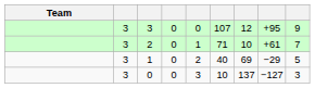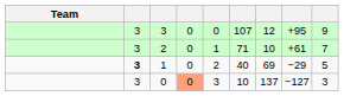 <table class="wikitable" style="text-align:center; font-size:95%;">
 <tr>
 <th width=160>Team</th>
 <th width=30></th>
 <th width=30></th>
 <th width=30></th>
 <th width=30></th>
 <th width=30></th>
 <th width=30></th>
 <th width=30></th>
 <th width=30></th>
 </tr>
 <tr style="background:#ccffcc">
 <td align=left></td>
 <td>3</td>
 <td>3</td>
 <td>0</td>
 <td>0</td>
 <td>107</td>
 <td>12</td>
 <td>+95</td>
 <td>9</td>
 </tr>
 <tr style="background:#ccffcc">
 <td align=left></td>
 <td>3</td>
 <td>2</td>
 <td>0</td>
 <td>1</td>
 <td>71</td>
 <td>10</td>
 <td>+61</td>
 <td>7</td>
 </tr>
 <tr>
 <td align=left></td>
-<td>3</td>
+<td><strong>3</strong></td>
 <td>1</td>
 <td>0</td>
 <td>2</td>
 <td>40</td>
 <td>69</td>
 <td>−29</td>
 <td>5</td>
 </tr>
 <tr>
 <td align=left></td>
 <td>3</td>
 <td>0</td>
-<td>0</td>
+<td style="background: lightsalmon;">0</td>
 <td>3</td>
 <td>10</td>
 <td>137</td>
 <td>−127</td>
 <td>3</td>
 </tr>
 </table>
